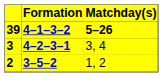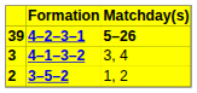 <table class="toccolours" border="0" cellpadding="2" cellspacing="0" align="center" style="margin: 0.5em 0 1em 1em; background: #000000; border: 1px #aaaaaa solid;">
 <tr bgcolor=#FFFF00>
 <th></th>
 <th>Formation</th>
 <th>Matchday(s)</th>
 </tr>
 <tr bgcolor=#FFFF00>
 <td><strong>39</strong></td>
-<td><a href='#'><span><strong>4–1–3–2</strong></span></a></td>
+<td><a href='#'><span><strong>4–2–3–1</strong></span></a></td>
 <td><strong>5–26</strong></td>
 </tr>
 <tr bgcolor=#FFFF00>
 <td><strong>3</strong></td>
-<td><a href='#'><span><strong>4–2–3–1</strong></span></a></td>
+<td><a href='#'><span><strong>4–1–3–2</strong></span></a></td>
 <td>3, 4</td>
 </tr>
 <tr bgcolor=#FFFF00>
 <td><strong>2</strong></td>
 <td><a href='#'><span><strong>3–5–2</strong></span></a></td>
 <td>1, 2</td>
 </tr>
 </table>
